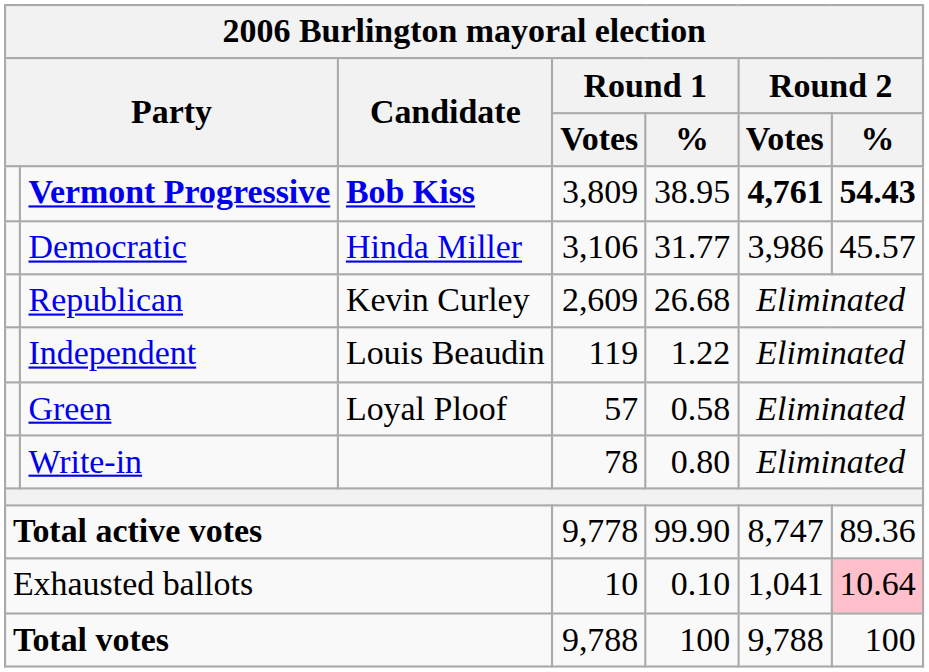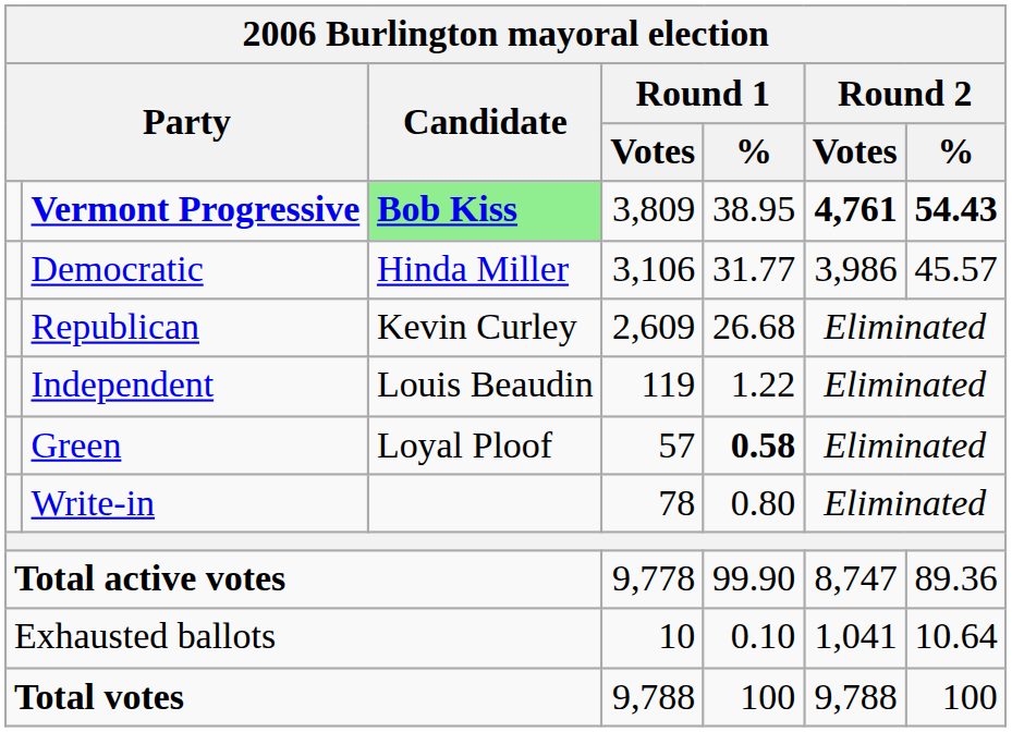 <table class="wikitable">
 <tr>
 <th colspan="12">2006 Burlington mayoral election</th>
 </tr>
 <tr>
 <th colspan="2" rowspan="2">Party</th>
 <th rowspan="2">Candidate</th>
 <th colspan="2">Round 1</th>
 <th colspan=2>Round 2</th>
 </tr>
 <tr>
 <th>Votes</th>
 <th>%</th>
 <th>Votes</th>
 <th>%</th>
 </tr>
 <tr align=right>
 <td style="background-color:"></td>
 <td align=left><strong><a href='#'>Vermont Progressive</a></strong></td>
-<td align=left><strong><a href='#'>Bob Kiss</a></strong></td>
+<td align=left style="background: lightgreen;"><strong><a href='#'>Bob Kiss</a></strong></td>
 <td>3,809</td>
 <td>38.95</td>
 <td><strong>4,761</strong></td>
 <td><strong>54.43</strong></td>
 </tr>
 <tr align=right>
 <td style="background-color:"></td>
 <td align=left><a href='#'>Democratic</a></td>
 <td align=left><a href='#'>Hinda Miller</a></td>
 <td>3,106</td>
 <td>31.77</td>
 <td>3,986</td>
 <td>45.57</td>
 </tr>
 <tr align=right>
 <td style="background-color:"></td>
 <td align=left><a href='#'>Republican</a></td>
 <td align=left>Kevin Curley</td>
 <td>2,609</td>
 <td>26.68</td>
 <td colspan=2 align=center><em>Eliminated</em></td>
 </tr>
 <tr align=right>
 <td style="background-color:"></td>
 <td align=left><a href='#'>Independent</a></td>
 <td align=left>Louis Beaudin</td>
 <td>119</td>
 <td>1.22</td>
 <td colspan=2 align=center><em>Eliminated</em></td>
 </tr>
 <tr align=right>
 <td style="background-color:"></td>
 <td align=left><a href='#'>Green</a></td>
 <td align=left>Loyal Ploof</td>
 <td>57</td>
-<td>0.58</td>
+<td><strong>0.58</strong></td>
 <td colspan=2 align=center><em>Eliminated</em></td>
 </tr>
 <tr align=right>
 <td style="background-color:"></td>
 <td align=left><a href='#'>Write-in</a></td>
 <td></td>
 <td>78</td>
 <td>0.80</td>
 <td colspan=2 align=center><em>Eliminated</em></td>
 </tr>
 <tr>
 <th colspan=7></th>
 </tr>
 <tr align=right>
 <td colspan=3 align=left><strong>Total active votes</strong></td>
 <td>9,778</td>
 <td>99.90</td>
 <td>8,747</td>
 <td>89.36</td>
 </tr>
 <tr align=right>
 <td colspan=3 align=left>Exhausted ballots</td>
 <td>10</td>
 <td>0.10</td>
 <td>1,041</td>
-<td style="background: pink;">10.64</td>
+<td>10.64</td>
 </tr>
 <tr align=right>
 <td colspan=3 align=left><strong>Total votes</strong></td>
 <td>9,788</td>
 <td>100</td>
 <td>9,788</td>
 <td>100</td>
 </tr>
 </table>
